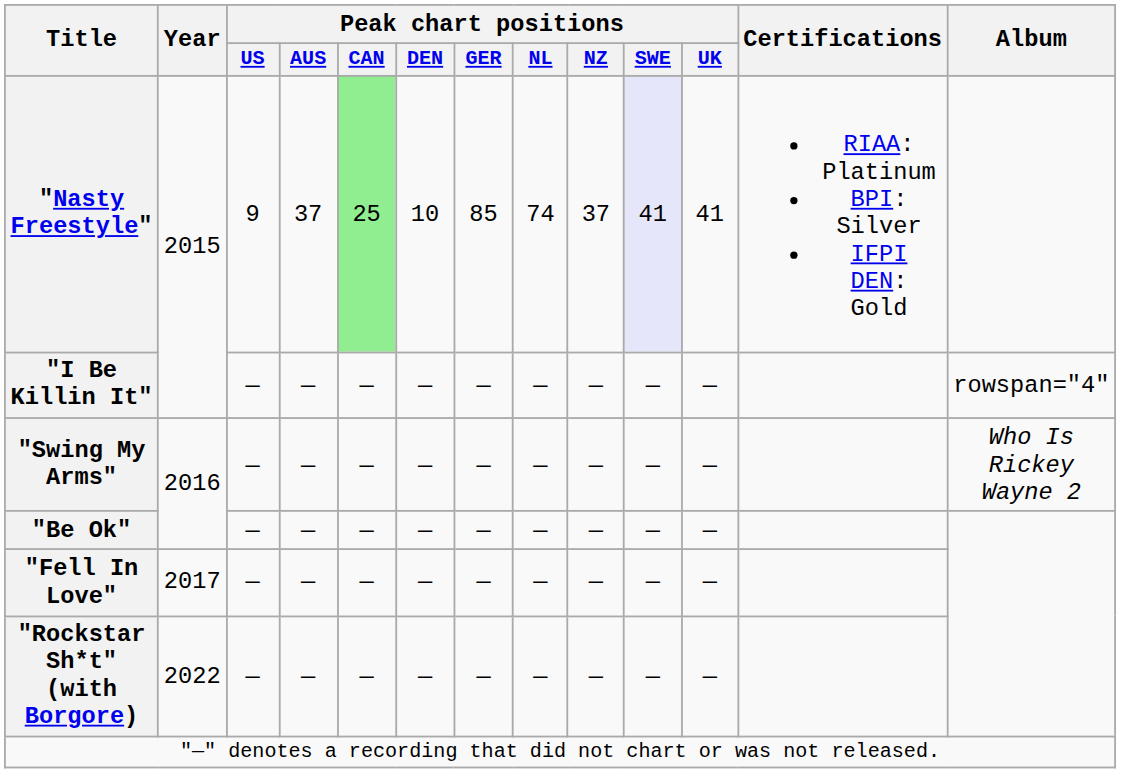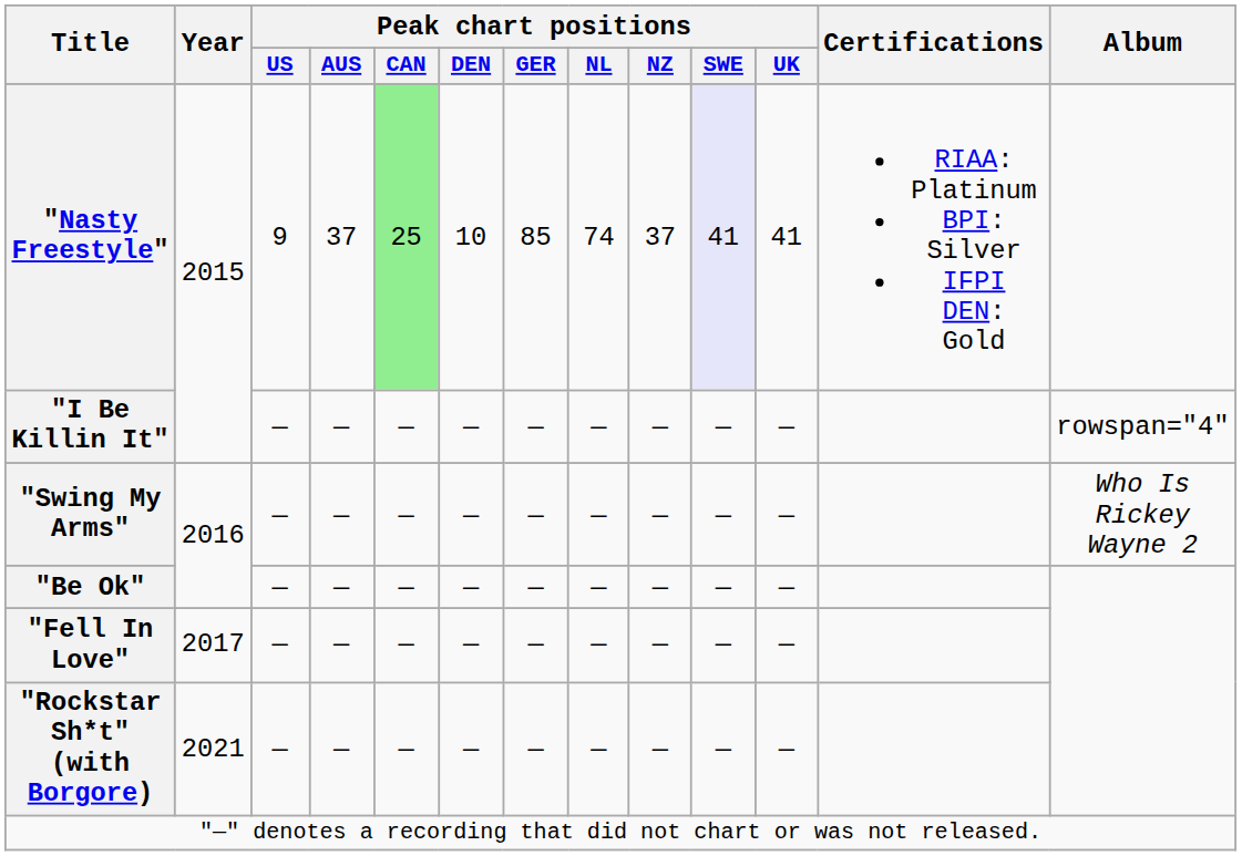 <table class="wikitable plainrowheaders" style="text-align:center;">
 <tr>
 <th rowspan="2" scope="col">Title</th>
 <th scope="col" rowspan="2">Year</th>
 <th scope="col" colspan="9">Peak chart positions</th>
 <th rowspan="2">Certifications</th>
 <th scope="col" rowspan="2">Album</th>
 </tr>
 <tr>
 <th scope="col" style="width:3em;font-size:85%;"><a href='#'>US</a><br></th>
 <th scope="col" style="width:3em;font-size:85%;"><a href='#'>AUS</a><br></th>
 <th scope="col" style="width:3em;font-size:85%;"><a href='#'>CAN</a><br></th>
 <th scope="col" style="width:3em;font-size:85%;"><a href='#'>DEN</a><br></th>
 <th scope="col" style="width:3em;font-size:85%;"><a href='#'>GER</a><br></th>
 <th scope="col" style="width:3em;font-size:85%;"><a href='#'>NL</a><br></th>
 <th scope="col" style="width:3em;font-size:85%;"><a href='#'>NZ</a><br></th>
 <th scope="col" style="width:3em;font-size:85%;"><a href='#'>SWE</a><br></th>
 <th scope="col" style="width:3em;font-size:85%;"><a href='#'>UK</a><br></th>
 </tr>
 <tr>
 <th scope="row">"<a href='#'>Nasty Freestyle</a>"</th>
 <td rowspan="2">2015</td>
 <td>9</td>
 <td>37</td>
 <td style="background: lightgreen;">25</td>
 <td>10</td>
 <td>85</td>
 <td>74</td>
 <td>37</td>
 <td style="background: lavender;">41</td>
 <td>41</td>
 <td><br><ul><li><a href='#'>RIAA</a>: Platinum</li><li><a href='#'>BPI</a>: Silver</li><li><a href='#'>IFPI DEN</a>: Gold</li></ul></td>
 <td></td>
 </tr>
 <tr>
 <th scope="row">"I Be Killin It"</th>
 <td>—</td>
 <td>—</td>
 <td>—</td>
 <td>—</td>
 <td>—</td>
 <td>—</td>
 <td>—</td>
 <td>—</td>
 <td>—</td>
 <td></td>
 <td>rowspan="4" </td>
 </tr>
 <tr>
 <th scope="row">"Swing My Arms"</th>
 <td rowspan="2">2016</td>
 <td>—</td>
 <td>—</td>
 <td>—</td>
 <td>—</td>
 <td>—</td>
 <td>—</td>
 <td>—</td>
 <td>—</td>
 <td>—</td>
 <td></td>
 <td><em>Who Is Rickey Wayne 2</em></td>
 </tr>
 <tr>
 <th scope="row">"Be Ok"</th>
 <td>—</td>
 <td>—</td>
 <td>—</td>
 <td>—</td>
 <td>—</td>
 <td>—</td>
 <td>—</td>
 <td>—</td>
 <td>—</td>
 <td></td>
 </tr>
 <tr>
 <th scope="row">"Fell In Love"</th>
 <td>2017</td>
 <td>—</td>
 <td>—</td>
 <td>—</td>
 <td>—</td>
 <td>—</td>
 <td>—</td>
 <td>—</td>
 <td>—</td>
 <td>—</td>
 <td></td>
 </tr>
 <tr>
 <th scope="row">"Rockstar Sh*t" <br><span>(with <a href='#'>Borgore</a>)</span></th>
-<td>2022</td>
+<td>2021</td>
 <td>—</td>
 <td>—</td>
 <td>—</td>
 <td>—</td>
 <td>—</td>
 <td>—</td>
 <td>—</td>
 <td>—</td>
 <td>—</td>
 <td></td>
 </tr>
 <tr>
 <td colspan="13" style="font-size:85%">"—" denotes a recording that did not chart or was not released.</td>
 </tr>
 </table>
